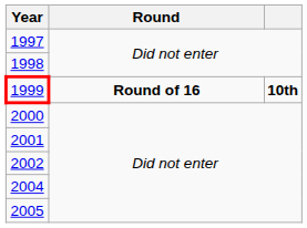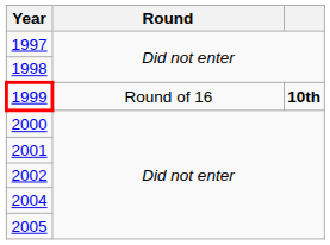 <table class="wikitable" style="text-align: center; font-size:90%">
 <tr>
 <th>Year</th>
 <th style="width:200px">Round</th>
 <th></th>
 </tr>
 <tr>
 <td><a href='#'>1997</a></td>
 <td colspan="2" rowspan="2"><em>Did not enter</em></td>
 </tr>
 <tr>
 <td><a href='#'>1998</a></td>
 </tr>
 <tr>
 <td style="border: 3px solid red"><a href='#'>1999</a></td>
-<td><strong>Round of 16</strong></td>
+<td>Round of 16</td>
 <td><strong>10th</strong></td>
 </tr>
 <tr>
 <td><a href='#'>2000</a></td>
 <td colspan="2" rowspan="5"><em>Did not enter</em></td>
 </tr>
 <tr>
 <td><a href='#'>2001</a></td>
 </tr>
 <tr>
 <td><a href='#'>2002</a></td>
 </tr>
 <tr>
 <td><a href='#'>2004</a></td>
 </tr>
 <tr>
 <td><a href='#'>2005</a></td>
 </tr>
 </table>
